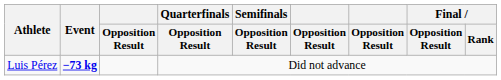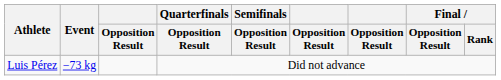 <table class="wikitable" style="font-size:90%">
 <tr>
 <th rowspan="2">Athlete</th>
 <th rowspan="2">Event</th>
 <th></th>
 <th>Quarterfinals</th>
 <th>Semifinals</th>
 <th></th>
 <th></th>
 <th colspan="2">Final / </th>
 </tr>
 <tr style="font-size:95%">
 <th>Opposition<br>Result</th>
 <th>Opposition<br>Result</th>
 <th>Opposition<br>Result</th>
 <th>Opposition<br>Result</th>
 <th>Opposition<br>Result</th>
 <th>Opposition<br>Result</th>
 <th>Rank</th>
 </tr>
 <tr align=center>
 <td align=left><a href='#'>Luis Pérez</a></td>
-<td align=left><strong><a href='#'>−73 kg</a></strong></td>
+<td align=left><a href='#'>−73 kg</a></td>
 <td><br></td>
 <td colspan=6>Did not advance</td>
 </tr>
 </table>
